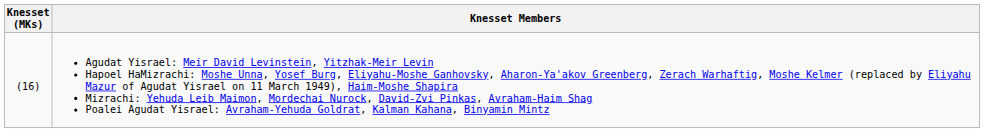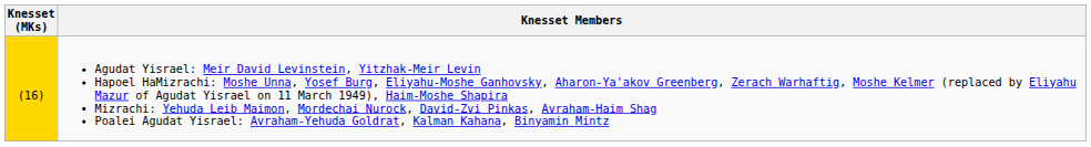 <table class="wikitable" style="text-align:center;">
 <tr>
 <th>Knesset<br>(MKs)</th>
 <th>Knesset Members</th>
 </tr>
 <tr>
-<td><br>(16)</td>
+<td style="background: gold;"><br>(16)</td>
 <td align=left><br><ul><li>Agudat Yisrael: <a href='#'>Meir David Levinstein</a>, <a href='#'>Yitzhak-Meir Levin</a></li><li>Hapoel HaMizrachi: <a href='#'>Moshe Unna</a>, <a href='#'>Yosef Burg</a>, <a href='#'>Eliyahu-Moshe Ganhovsky</a>, <a href='#'>Aharon-Ya'akov Greenberg</a>, <a href='#'>Zerach Warhaftig</a>, <a href='#'>Moshe Kelmer</a> (replaced by <a href='#'>Eliyahu Mazur</a> of Agudat Yisrael on 11 March 1949), <a href='#'>Haim-Moshe Shapira</a></li><li>Mizrachi: <a href='#'>Yehuda Leib Maimon</a>, <a href='#'>Mordechai Nurock</a>, <a href='#'>David-Zvi Pinkas</a>, <a href='#'>Avraham-Haim Shag</a></li><li>Poalei Agudat Yisrael: <a href='#'>Avraham-Yehuda Goldrat</a>, <a href='#'>Kalman Kahana</a>, <a href='#'>Binyamin Mintz</a></li></ul></td>
 </tr>
 </table>
